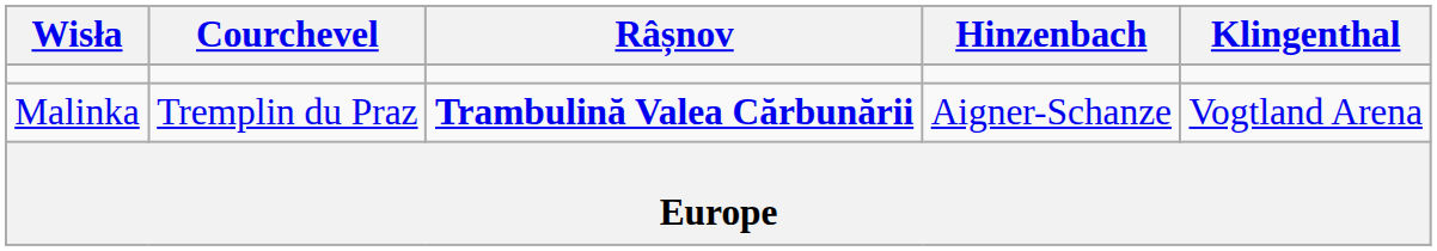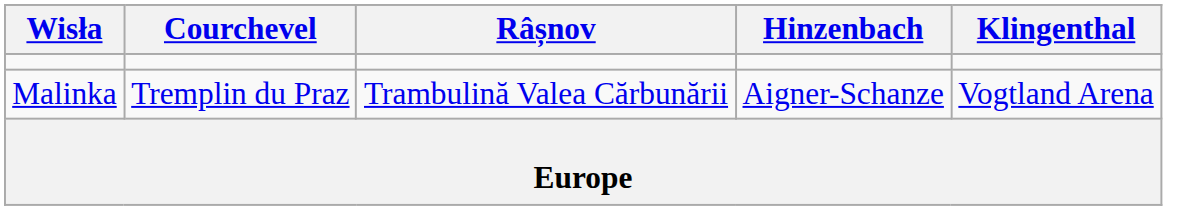 <table class="wikitable" style="text-align:center">
 <tr>
 <th> <a href='#'>Wisła</a></th>
 <th> <a href='#'>Courchevel</a></th>
 <th> <a href='#'>Râșnov</a></th>
 <th> <a href='#'>Hinzenbach</a></th>
 <th> <a href='#'>Klingenthal</a></th>
 </tr>
 <tr>
 <td></td>
 <td></td>
 <td></td>
 <td></td>
 <td></td>
 </tr>
 <tr>
 <td><a href='#'>Malinka</a></td>
 <td><a href='#'>Tremplin du Praz</a></td>
-<td><strong><a href='#'>Trambulină Valea Cărbunării</a></strong></td>
+<td><a href='#'>Trambulină Valea Cărbunării</a></td>
 <td><a href='#'>Aigner-Schanze</a></td>
 <td><a href='#'>Vogtland Arena</a></td>
 </tr>
 <tr>
 <th colspan="5"><br>Europe </th>
 </tr>
 </table>
